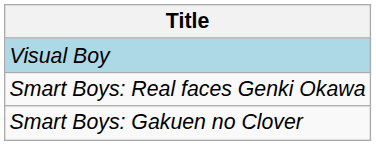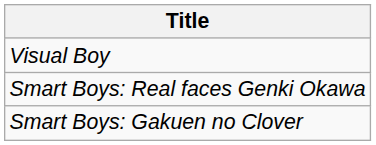 <table class="wikitable">
 <tr>
 <th>Title</th>
 </tr>
 <tr>
-<td style="background: lightblue;"><em>Visual Boy</em></td>
+<td><em>Visual Boy</em></td>
 </tr>
 <tr>
 <td><em>Smart Boys: Real faces Genki Okawa</em></td>
 </tr>
 <tr>
 <td><em>Smart Boys: Gakuen no Clover</em></td>
 </tr>
 </table>
